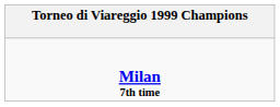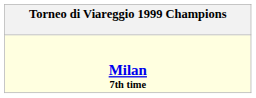 <table class="wikitable" style="margin: 0 auto; width: 30%;">
 <tr>
 <th><big>Torneo di Viareggio 1999 Champions</big><br><br></th>
 </tr>
 <tr>
-<td align=center><br><br><big><big><strong><a href='#'>Milan</a></strong><br></big></big><strong>7th time</strong></td>
+<td align=center style="background: lightyellow;"><br><br><big><big><strong><a href='#'>Milan</a></strong><br></big></big><strong>7th time</strong></td>
 </tr>
 </table>
